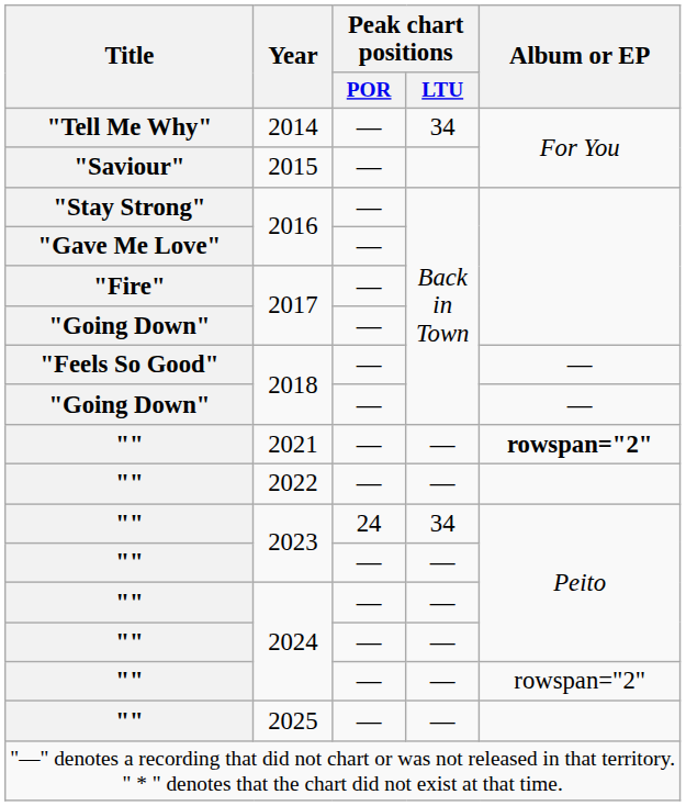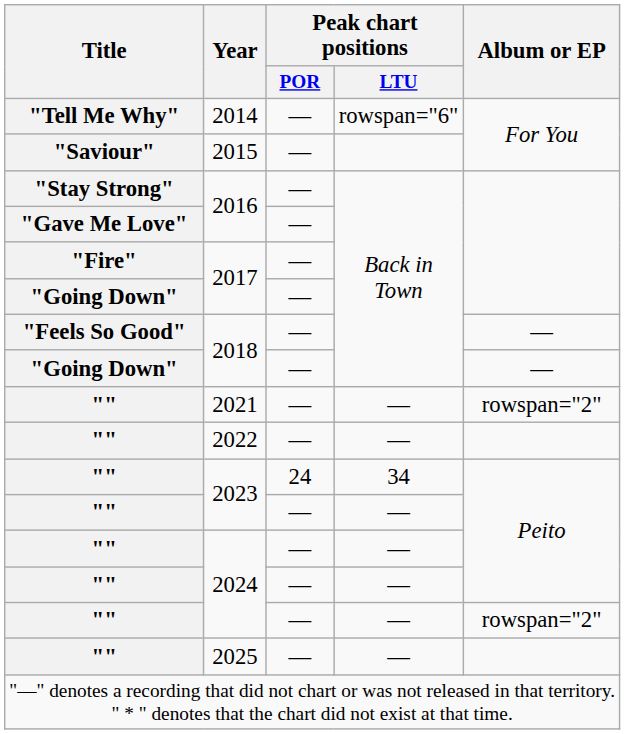 <table class="wikitable plainrowheaders" style="text-align:center;" border="1">
 <tr>
 <th scope="col" rowspan="2">Title</th>
 <th scope="col" rowspan="2">Year</th>
 <th scope="col" colspan="2">Peak chart positions</th>
 <th scope="col" rowspan="2">Album or EP</th>
 </tr>
 <tr>
 <th scope="col" style="width:3em;font-size:85%;"><a href='#'>POR</a><br></th>
 <th scope="col" style="width:3em;font-size:85%;"><a href='#'>LTU</a><br></th>
 </tr>
 <tr>
 <th scope="row">"Tell Me Why"</th>
 <td>2014</td>
 <td>—</td>
-<td>34</td>
+<td>rowspan="6" </td>
 <td rowspan="2"><em>For You</em></td>
 </tr>
 <tr>
 <th scope="row">"Saviour"</th>
 <td>2015</td>
 <td>—</td>
 </tr>
 <tr>
 <th scope="row">"Stay Strong"</th>
 <td rowspan="2">2016</td>
 <td>—</td>
 <td rowspan="6"><em>Back in Town</em></td>
 </tr>
 <tr>
 <th scope="row">"Gave Me Love"</th>
 <td>—</td>
 </tr>
 <tr>
 <th scope="row">"Fire"</th>
 <td rowspan="2">2017</td>
 <td>—</td>
 </tr>
 <tr>
 <th scope="row">"Going Down"</th>
 <td>—</td>
 </tr>
 <tr>
 <th scope="row">"Feels So Good"</th>
 <td rowspan="2">2018</td>
 <td>—</td>
 <td>—</td>
 </tr>
 <tr>
 <th scope="row">"Going Down"</th>
 <td>—</td>
 <td>—</td>
 </tr>
 <tr>
 <th scope="row">""</th>
 <td>2021</td>
 <td>—</td>
 <td>—</td>
-<td><strong>rowspan="2" </strong></td>
+<td>rowspan="2" </td>
 </tr>
 <tr>
 <th scope="row">""<br></th>
 <td>2022</td>
 <td>—</td>
 <td>—</td>
 </tr>
 <tr>
 <th scope="row">""</th>
 <td rowspan="2">2023</td>
 <td>24</td>
 <td>34</td>
 <td rowspan="4"><em>Peito</em></td>
 </tr>
 <tr>
 <th scope="row">""</th>
 <td>—</td>
 <td>—</td>
 </tr>
 <tr>
 <th scope="row">""</th>
 <td rowspan="3">2024</td>
 <td>—</td>
 <td>—</td>
 </tr>
 <tr>
 <th scope="row">""</th>
 <td>—</td>
 <td>—</td>
 </tr>
 <tr>
 <th scope="row">""<br></th>
 <td>—</td>
 <td>—</td>
 <td>rowspan="2" </td>
 </tr>
 <tr>
 <th scope="row">""</th>
 <td>2025</td>
 <td>—</td>
 <td>—</td>
 </tr>
 <tr>
 <td colspan="5" style="font-size:85%">"—" denotes a recording that did not chart or was not released in that territory.<br>" * " denotes that the chart did not exist at that time.</td>
 </tr>
 </table>
